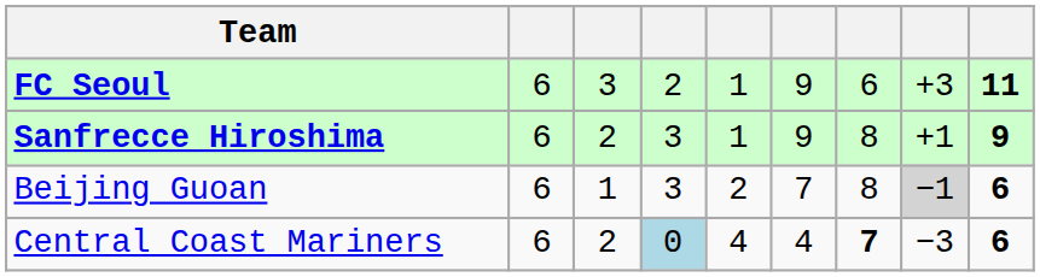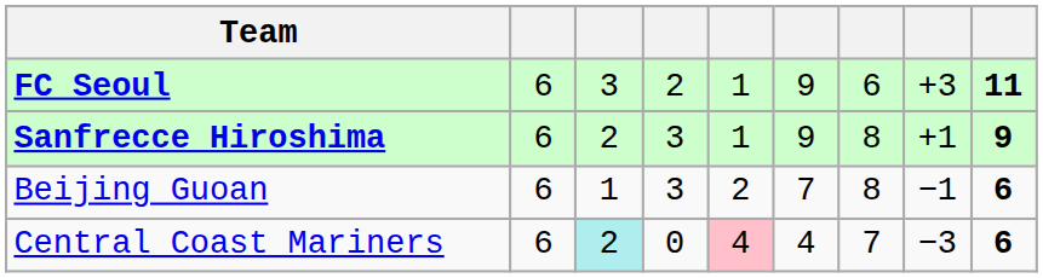 <table class="wikitable" style="text-align:center;">
 <tr>
 <th width=195>Team</th>
 <th width=20></th>
 <th width=20></th>
 <th width=20></th>
 <th width=20></th>
 <th width=20></th>
 <th width=20></th>
 <th width=20></th>
 <th width=20></th>
 </tr>
 <tr bgcolor=#ccffcc>
 <td align=left> <strong><a href='#'>FC Seoul</a></strong></td>
 <td>6</td>
 <td>3</td>
 <td>2</td>
 <td>1</td>
 <td>9</td>
 <td>6</td>
 <td>+3</td>
 <td><strong>11</strong></td>
 </tr>
 <tr bgcolor=#ccffcc>
 <td align=left> <strong><a href='#'>Sanfrecce Hiroshima</a></strong></td>
 <td>6</td>
 <td>2</td>
 <td>3</td>
 <td>1</td>
 <td>9</td>
 <td>8</td>
 <td>+1</td>
 <td><strong>9</strong></td>
 </tr>
 <tr>
 <td align=left> <a href='#'>Beijing Guoan</a></td>
 <td>6</td>
 <td>1</td>
 <td>3</td>
 <td>2</td>
 <td>7</td>
 <td>8</td>
-<td style="background: lightgrey;">−1</td>
+<td>−1</td>
 <td><strong>6</strong></td>
 </tr>
 <tr>
 <td align=left> <a href='#'>Central Coast Mariners</a></td>
 <td>6</td>
-<td>2</td>
-<td style="background: lightblue;">0</td>
+<td style="background: paleturquoise;">2</td>
+<td>0</td>
+<td style="background: pink;">4</td>
 <td>4</td>
-<td>4</td>
-<td><strong>7</strong></td>
+<td>7</td>
 <td>−3</td>
 <td><strong>6</strong></td>
 </tr>
 </table>
